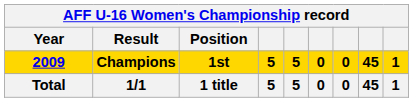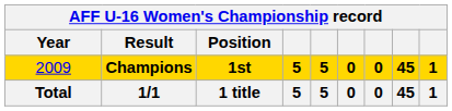 <table class="wikitable" style="text-align: center;">
 <tr>
 <th colspan=9><a href='#'>AFF U-16 Women's Championship</a> record</th>
 </tr>
 <tr>
 <th width="90">Year</th>
 <th width="80">Result</th>
 <th width="80">Position</th>
 <th width="20"></th>
 <th width="20"></th>
 <th width="20"></th>
 <th width="20"></th>
 <th width="20"></th>
 <th width="20"></th>
 </tr>
 <tr bgcolor=gold>
-<td><strong> <a href='#'>2009</a></strong></td>
+<td> <a href='#'>2009</a></td>
 <td><strong>Champions</strong></td>
 <td><strong>1st</strong></td>
 <td><strong>5</strong></td>
 <td><strong>5</strong></td>
 <td><strong>0</strong></td>
 <td><strong>0</strong></td>
 <td><strong>45</strong></td>
 <td><strong>1</strong></td>
 </tr>
 <tr>
 <th>Total</th>
 <th>1/1</th>
 <th>1 title</th>
 <th>5</th>
 <th>5</th>
 <th>0</th>
 <th>0</th>
 <th>45</th>
 <th>1</th>
 </tr>
 </table>
